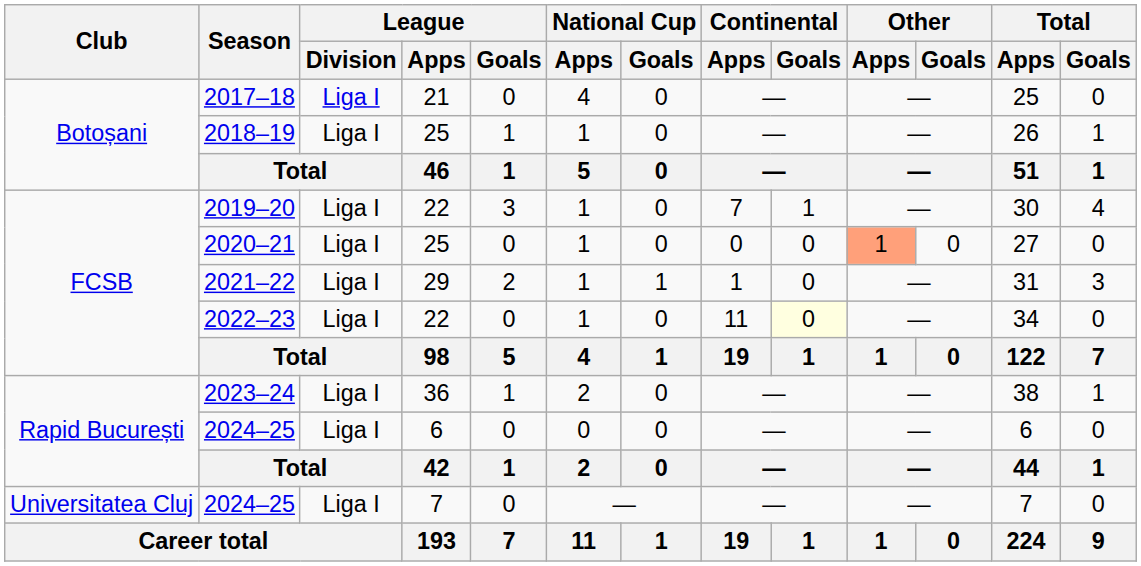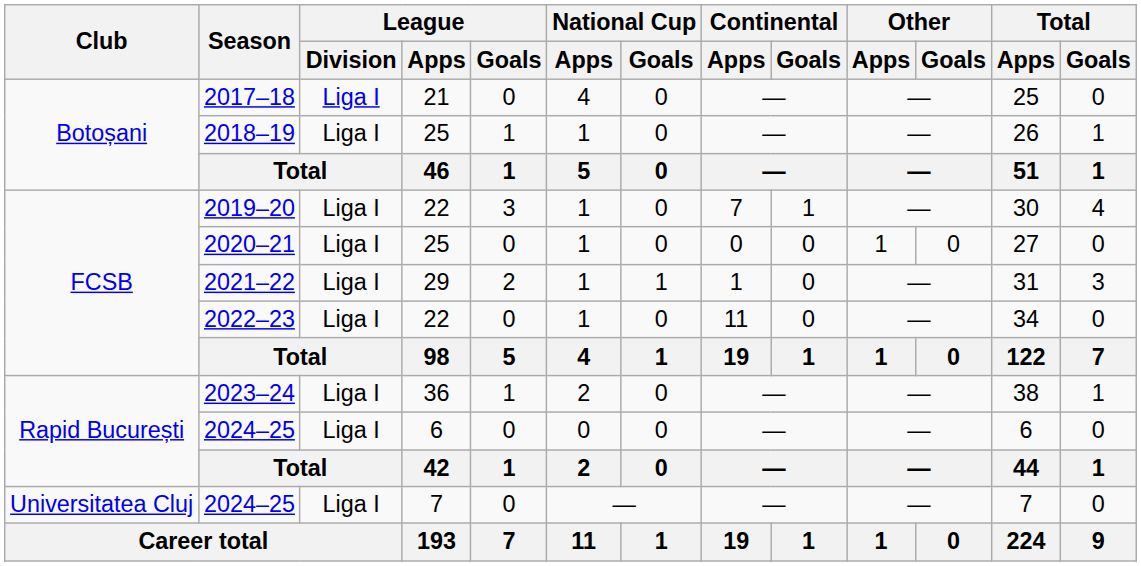 <table class="wikitable" style="text-align:center">
 <tr>
 <th rowspan="2">Club</th>
 <th rowspan="2">Season</th>
 <th colspan="3">League</th>
 <th colspan="2">National Cup</th>
 <th colspan="2">Continental</th>
 <th colspan="2">Other</th>
 <th colspan="3">Total</th>
 </tr>
 <tr>
 <th>Division</th>
 <th>Apps</th>
 <th>Goals</th>
 <th>Apps</th>
 <th>Goals</th>
 <th>Apps</th>
 <th>Goals</th>
 <th>Apps</th>
 <th>Goals</th>
 <th>Apps</th>
 <th>Goals</th>
 </tr>
 <tr>
 <td rowspan="3"><a href='#'>Botoșani</a></td>
 <td><a href='#'>2017–18</a></td>
 <td><a href='#'>Liga I</a></td>
 <td>21</td>
 <td>0</td>
 <td>4</td>
 <td>0</td>
 <td colspan="2">—</td>
 <td colspan="2">—</td>
 <td>25</td>
 <td>0</td>
 </tr>
 <tr>
 <td><a href='#'>2018–19</a></td>
 <td>Liga I</td>
 <td>25</td>
 <td>1</td>
 <td>1</td>
 <td>0</td>
 <td colspan="2">—</td>
 <td colspan="2">—</td>
 <td>26</td>
 <td>1</td>
 </tr>
 <tr>
 <th colspan="2">Total</th>
 <th>46</th>
 <th>1</th>
 <th>5</th>
 <th>0</th>
 <th colspan="2">—</th>
 <th colspan="2">—</th>
 <th>51</th>
 <th>1</th>
 </tr>
 <tr>
 <td rowspan="5"><a href='#'>FCSB</a></td>
 <td><a href='#'>2019–20</a></td>
 <td>Liga I</td>
 <td>22</td>
 <td>3</td>
 <td>1</td>
 <td>0</td>
 <td>7</td>
 <td>1</td>
 <td colspan="2">—</td>
 <td>30</td>
 <td>4</td>
 </tr>
 <tr>
 <td><a href='#'>2020–21</a></td>
 <td>Liga I</td>
 <td>25</td>
 <td>0</td>
 <td>1</td>
 <td>0</td>
 <td>0</td>
 <td>0</td>
-<td style="background: lightsalmon;">1</td>
+<td>1</td>
 <td>0</td>
 <td>27</td>
 <td>0</td>
 </tr>
 <tr>
 <td><a href='#'>2021–22</a></td>
 <td>Liga I</td>
 <td>29</td>
 <td>2</td>
 <td>1</td>
 <td>1</td>
 <td>1</td>
 <td>0</td>
 <td colspan="2">—</td>
 <td>31</td>
 <td>3</td>
 </tr>
 <tr>
 <td><a href='#'>2022–23</a></td>
 <td>Liga I</td>
 <td>22</td>
 <td>0</td>
 <td>1</td>
 <td>0</td>
 <td>11</td>
-<td style="background: lightyellow;">0</td>
+<td>0</td>
 <td colspan="2">—</td>
 <td>34</td>
 <td>0</td>
 </tr>
 <tr>
 <th colspan="2">Total</th>
 <th>98</th>
 <th>5</th>
 <th>4</th>
 <th>1</th>
 <th>19</th>
 <th>1</th>
 <th>1</th>
 <th>0</th>
 <th>122</th>
 <th>7</th>
 </tr>
 <tr>
 <td rowspan="3"><a href='#'>Rapid București</a></td>
 <td><a href='#'>2023–24</a></td>
 <td>Liga I</td>
 <td>36</td>
 <td>1</td>
 <td>2</td>
 <td>0</td>
 <td colspan="2">—</td>
 <td colspan="2">—</td>
 <td>38</td>
 <td>1</td>
 </tr>
 <tr>
 <td><a href='#'>2024–25</a></td>
 <td>Liga I</td>
 <td>6</td>
 <td>0</td>
 <td>0</td>
 <td>0</td>
 <td colspan="2">—</td>
 <td colspan="2">—</td>
 <td>6</td>
 <td>0</td>
 </tr>
 <tr>
 <th colspan="2">Total</th>
 <th>42</th>
 <th>1</th>
 <th>2</th>
 <th>0</th>
 <th colspan="2">—</th>
 <th colspan="2">—</th>
 <th>44</th>
 <th>1</th>
 </tr>
 <tr>
 <td><a href='#'>Universitatea Cluj</a></td>
 <td><a href='#'>2024–25</a></td>
 <td>Liga I</td>
 <td>7</td>
 <td>0</td>
 <td colspan="2">—</td>
 <td colspan="2">—</td>
 <td colspan="2">—</td>
 <td>7</td>
 <td>0</td>
 </tr>
 <tr>
 <th colspan="3">Career total</th>
 <th>193</th>
 <th>7</th>
 <th>11</th>
 <th>1</th>
 <th>19</th>
 <th>1</th>
 <th>1</th>
 <th>0</th>
 <th>224</th>
 <th>9</th>
 </tr>
 </table>
